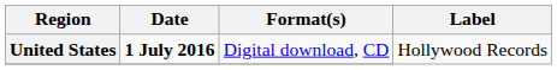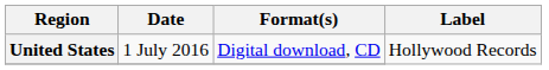 <table class="wikitable plainrowheaders">
 <tr>
 <th scope="col">Region</th>
 <th scope="col">Date</th>
 <th scope="col">Format(s)</th>
 <th scope="col">Label</th>
 </tr>
 <tr>
 <th scope="row">United States</th>
-<td><strong>1 July 2016</strong></td>
+<td>1 July 2016</td>
 <td><a href='#'>Digital download</a>, <a href='#'>CD</a></td>
 <td rowspan="2">Hollywood Records</td>
 </tr>
 <tr>
 </tr>
 </table>
